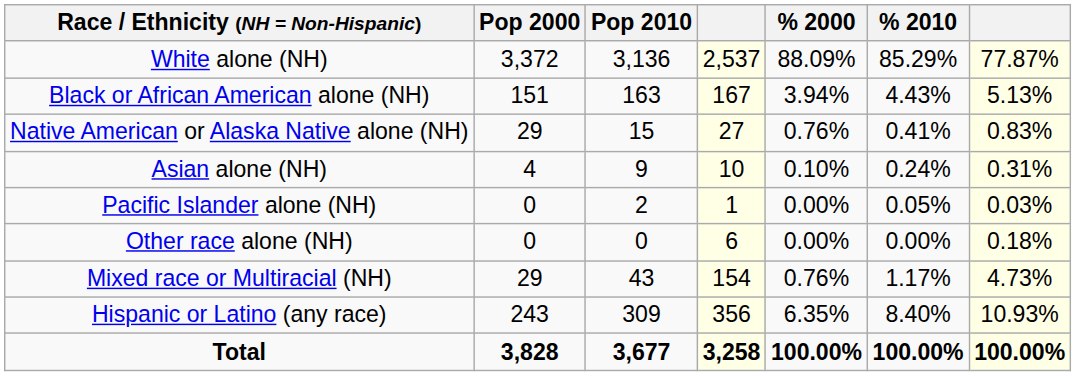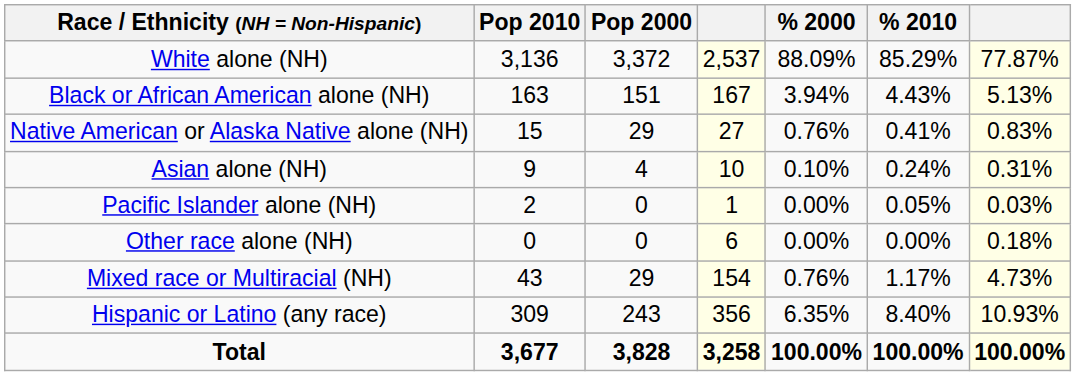 <table class="wikitable" style="text-align:center;">
 <tr>
 <th>Race / Ethnicity <small>(<em>NH = Non-Hispanic</em>)</small></th>
+<th>Pop 2010</th>
 <th>Pop 2000</th>
-<th>Pop 2010</th>
 <th></th>
 <th>% 2000</th>
 <th>% 2010</th>
 <th></th>
 </tr>
 <tr>
 <td><a href='#'>White</a> alone (NH)</td>
+<td>3,136</td>
 <td>3,372</td>
-<td>3,136</td>
 <td style='background: #ffffe6;'>2,537</td>
 <td>88.09%</td>
 <td>85.29%</td>
 <td style='background: #ffffe6;'>77.87%</td>
 </tr>
 <tr>
 <td><a href='#'>Black or African American</a> alone (NH)</td>
+<td>163</td>
 <td>151</td>
-<td>163</td>
 <td style='background: #ffffe6;'>167</td>
 <td>3.94%</td>
 <td>4.43%</td>
 <td style='background: #ffffe6;'>5.13%</td>
 </tr>
 <tr>
 <td><a href='#'>Native American</a> or <a href='#'>Alaska Native</a> alone (NH)</td>
+<td>15</td>
 <td>29</td>
-<td>15</td>
 <td style='background: #ffffe6;'>27</td>
 <td>0.76%</td>
 <td>0.41%</td>
 <td style='background: #ffffe6;'>0.83%</td>
 </tr>
 <tr>
 <td><a href='#'>Asian</a> alone (NH)</td>
+<td>9</td>
 <td>4</td>
-<td>9</td>
 <td style='background: #ffffe6;'>10</td>
 <td>0.10%</td>
 <td>0.24%</td>
 <td style='background: #ffffe6;'>0.31%</td>
 </tr>
 <tr>
 <td><a href='#'>Pacific Islander</a> alone (NH)</td>
+<td>2</td>
 <td>0</td>
-<td>2</td>
 <td style='background: #ffffe6;'>1</td>
 <td>0.00%</td>
 <td>0.05%</td>
 <td style='background: #ffffe6;'>0.03%</td>
 </tr>
 <tr>
 <td><a href='#'>Other race</a> alone (NH)</td>
 <td>0</td>
 <td>0</td>
 <td style='background: #ffffe6;'>6</td>
 <td>0.00%</td>
 <td>0.00%</td>
 <td style='background: #ffffe6;'>0.18%</td>
 </tr>
 <tr>
 <td><a href='#'>Mixed race or Multiracial</a> (NH)</td>
+<td>43</td>
 <td>29</td>
-<td>43</td>
 <td style='background: #ffffe6;'>154</td>
 <td>0.76%</td>
 <td>1.17%</td>
 <td style='background: #ffffe6;'>4.73%</td>
 </tr>
 <tr>
 <td><a href='#'>Hispanic or Latino</a> (any race)</td>
+<td>309</td>
 <td>243</td>
-<td>309</td>
 <td style='background: #ffffe6;'>356</td>
 <td>6.35%</td>
 <td>8.40%</td>
 <td style='background: #ffffe6;'>10.93%</td>
 </tr>
 <tr>
 <td><strong>Total</strong></td>
+<td><strong>3,677</strong></td>
 <td><strong>3,828</strong></td>
-<td><strong>3,677</strong></td>
 <td style='background: #ffffe6;'><strong>3,258</strong></td>
 <td><strong>100.00%</strong></td>
 <td><strong>100.00%</strong></td>
 <td style='background: #ffffe6;'><strong>100.00%</strong></td>
 </tr>
 </table>
